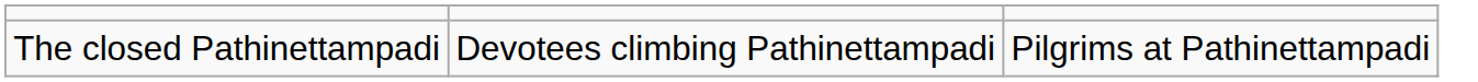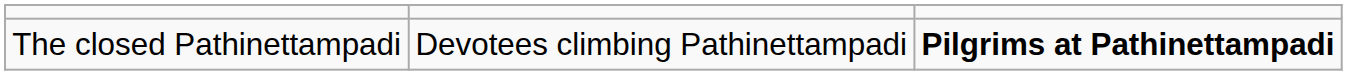 <table class="wikitable">
 <tr>
 <td></td>
 <td></td>
 <td></td>
 </tr>
 <tr>
 <td>The closed Pathinettampadi</td>
 <td>Devotees climbing Pathinettampadi</td>
-<td>Pilgrims at Pathinettampadi</td>
+<td><strong>Pilgrims at Pathinettampadi</strong></td>
 </tr>
 </table>
